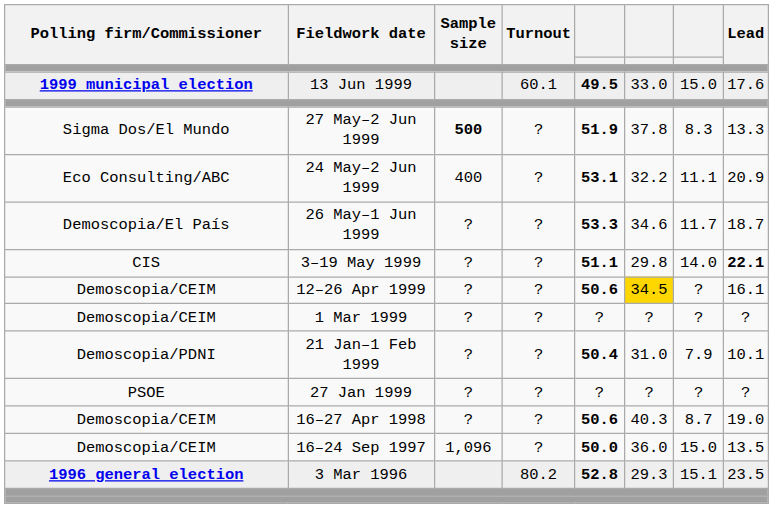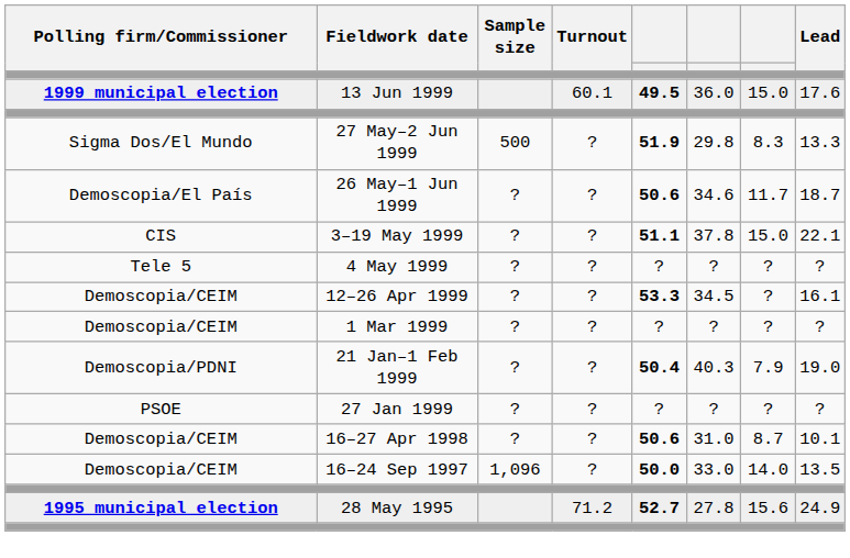 <table class="wikitable collapsible collapsed" style="text-align:center; font-size:95%; line-height:16px;">
 <tr style="height:42px;">
 <th style="width:250px;" rowspan="2">Polling firm/Commissioner</th>
 <th style="width:125px;" rowspan="2">Fieldwork date</th>
 <th style="width:50px;" rowspan="2">Sample size</th>
 <th style="width:45px;" rowspan="2">Turnout</th>
 <th style="width:35px;"></th>
 <th style="width:35px;"></th>
 <th style="width:35px;"></th>
 <th style="width:20px;" rowspan="2">Lead</th>
 </tr>
 <tr>
 <th style="color:inherit;background:"></th>
 <th style="color:inherit;background:"></th>
 <th style="color:inherit;background:"></th>
 </tr>
 <tr>
 <td colspan="8" style="background:#A0A0A0"></td>
 </tr>
 <tr style="background:#EFEFEF;">
 <td><strong><a href='#'>1999 municipal election</a></strong></td>
 <td>13 Jun 1999</td>
 <td></td>
 <td>60.1</td>
 <td><strong>49.5</strong><br></td>
-<td>33.0<br></td>
+<td>36.0<br></td>
 <td>15.0</td>
 <td style="background:">17.6</td>
 </tr>
 <tr>
 <td colspan="8" style="background:#A0A0A0"></td>
 </tr>
 <tr>
 <td>Sigma Dos/El Mundo</td>
 <td>27 May–2 Jun 1999</td>
-<td><strong>500</strong></td>
+<td>500</td>
 <td>?</td>
 <td><strong>51.9</strong><br></td>
-<td>37.8<br></td>
+<td>29.8<br></td>
 <td>8.3<br></td>
 <td style="background:">13.3</td>
-</tr>
-<tr>
-<td>Eco Consulting/ABC</td>
-<td>24 May–2 Jun 1999</td>
-<td>400</td>
-<td>?</td>
-<td><strong>53.1</strong><br></td>
-<td>32.2<br></td>
-<td>11.1<br></td>
-<td style="background:">20.9</td>
 </tr>
 <tr>
 <td>Demoscopia/El País</td>
 <td>26 May–1 Jun 1999</td>
 <td>?</td>
 <td>?</td>
-<td><strong>53.3</strong><br></td>
+<td><strong>50.6</strong><br></td>
 <td>34.6<br></td>
 <td>11.7<br></td>
 <td style="background:">18.7</td>
 </tr>
 <tr>
 <td>CIS</td>
 <td>3–19 May 1999</td>
 <td>?</td>
 <td>?</td>
 <td><strong>51.1</strong><br></td>
-<td>29.8<br></td>
-<td>14.0<br></td>
-<td style="background:"><strong>22.1</strong></td>
+<td>37.8<br></td>
+<td>15.0<br></td>
+<td style="background:">22.1</td>
+</tr>
+<tr>
+<td>Tele 5</td>
+<td>4 May 1999</td>
+<td>?</td>
+<td>?</td>
+<td>?<br></td>
+<td>?<br></td>
+<td>?<br></td>
+<td style="background:">?</td>
 </tr>
 <tr>
 <td>Demoscopia/CEIM</td>
 <td>12–26 Apr 1999</td>
 <td>?</td>
 <td>?</td>
-<td><strong>50.6</strong><br></td>
-<td style="background: gold;">34.5<br></td>
+<td><strong>53.3</strong><br></td>
+<td>34.5<br></td>
 <td>?<br></td>
 <td style="background:">16.1</td>
 </tr>
 <tr>
 <td>Demoscopia/CEIM</td>
 <td>1 Mar 1999</td>
 <td>?</td>
 <td>?</td>
 <td>?<br></td>
 <td>?<br></td>
 <td>?<br></td>
 <td style="background:">?</td>
 </tr>
 <tr>
 <td>Demoscopia/PDNI</td>
 <td>21 Jan–1 Feb 1999</td>
 <td>?</td>
 <td>?</td>
 <td><strong>50.4</strong><br></td>
-<td>31.0</td>
+<td>40.3<br></td>
 <td>7.9<br></td>
-<td style="background:">10.1</td>
+<td style="background:">19.0</td>
 </tr>
 <tr>
 <td>PSOE</td>
 <td>27 Jan 1999</td>
 <td>?</td>
 <td>?</td>
 <td>?<br></td>
 <td>?<br></td>
 <td>?<br></td>
 <td style="background:">?</td>
 </tr>
 <tr>
 <td>Demoscopia/CEIM</td>
 <td>16–27 Apr 1998</td>
 <td>?</td>
 <td>?</td>
 <td><strong>50.6</strong><br></td>
-<td>40.3<br></td>
+<td>31.0</td>
 <td>8.7<br></td>
-<td style="background:">19.0</td>
+<td style="background:">10.1</td>
 </tr>
 <tr>
 <td>Demoscopia/CEIM</td>
 <td>16–24 Sep 1997</td>
 <td>1,096</td>
 <td>?</td>
 <td><strong>50.0</strong></td>
-<td>36.0<br></td>
-<td>15.0<br></td>
+<td>33.0<br></td>
+<td>14.0<br></td>
 <td style="background:">13.5</td>
-</tr>
-<tr style="background:#EFEFEF;">
-<td><strong><a href='#'>1996 general election</a></strong></td>
-<td>3 Mar 1996</td>
-<td></td>
-<td>80.2</td>
-<td><strong>52.8</strong><br></td>
-<td>29.3<br></td>
-<td>15.1<br></td>
-<td style="background:">23.5</td>
 </tr>
 <tr>
 <td colspan="8" style="background:#A0A0A0"></td>
+</tr>
+<tr style="background:#EFEFEF;">
+<td><strong><a href='#'>1995 municipal election</a></strong></td>
+<td>28 May 1995</td>
+<td></td>
+<td>71.2</td>
+<td><strong>52.7</strong><br></td>
+<td>27.8<br></td>
+<td>15.6<br></td>
+<td style="background:">24.9</td>
 </tr>
 <tr>
 <td colspan="8" style="background:#A0A0A0"></td>
 </tr>
 </table>
